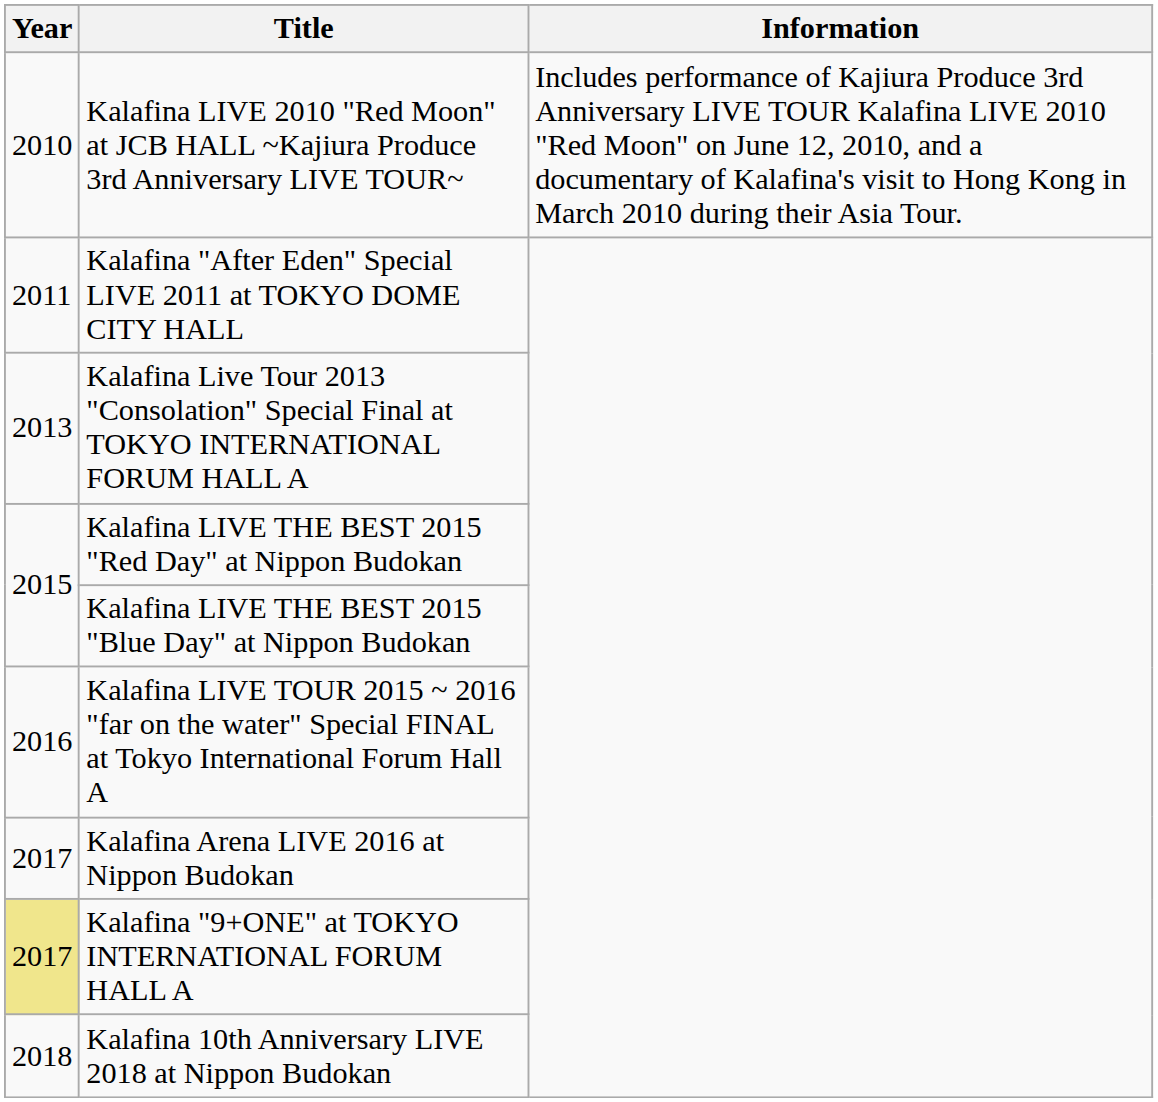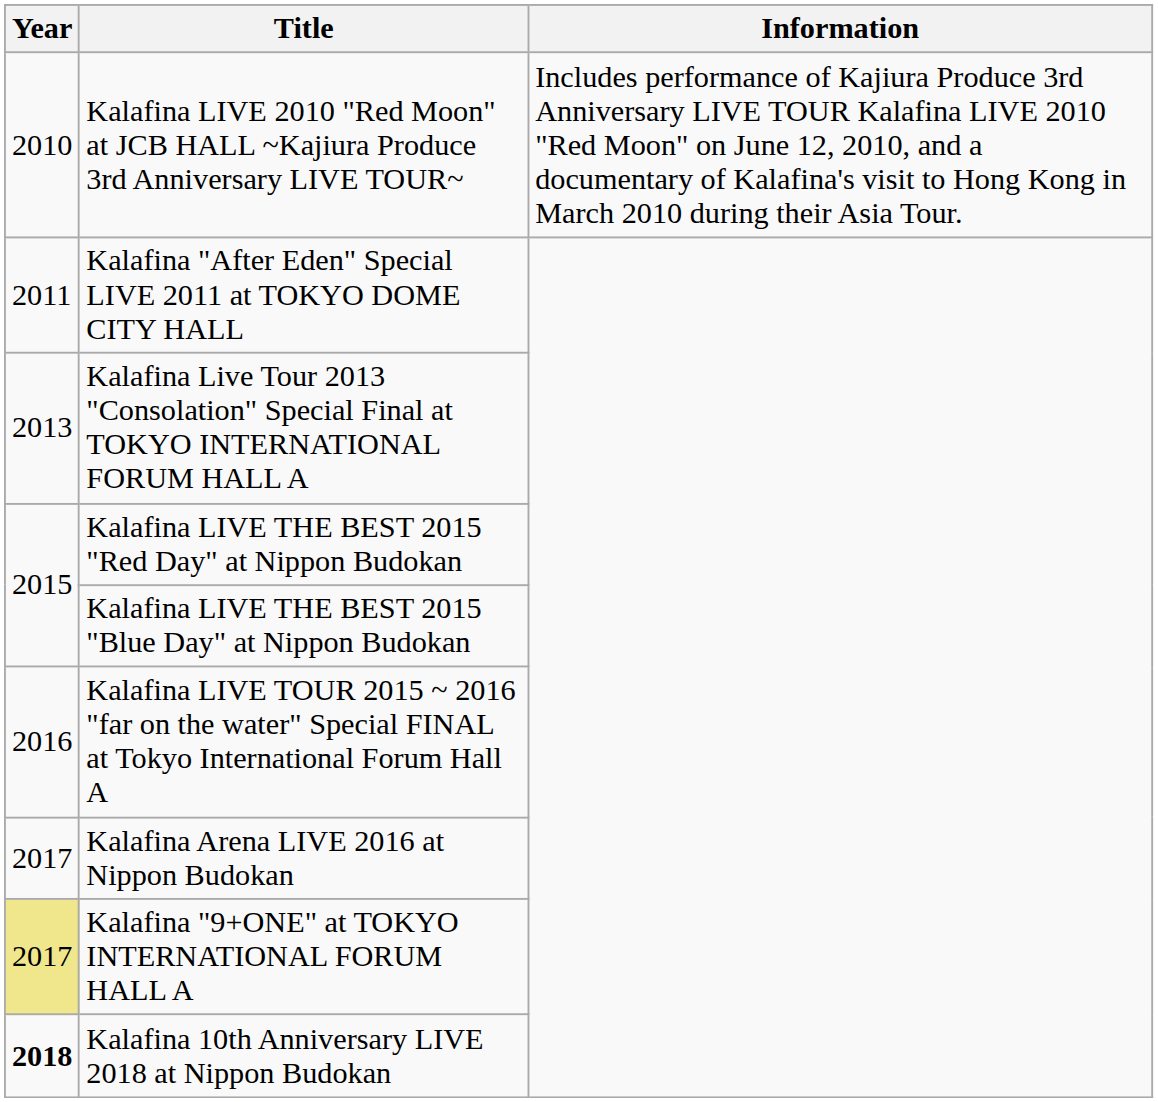 <table class="wikitable">
 <tr>
 <th>Year</th>
 <th>Title</th>
 <th>Information</th>
 </tr>
 <tr>
 <td>2010</td>
 <td>Kalafina LIVE 2010 "Red Moon" at JCB HALL ~Kajiura Produce 3rd Anniversary LIVE TOUR~</td>
 <td>Includes performance of Kajiura Produce 3rd Anniversary LIVE TOUR Kalafina LIVE 2010 "Red Moon" on June 12, 2010, and a documentary of Kalafina's visit to Hong Kong in March 2010 during their Asia Tour.</td>
 </tr>
 <tr>
 <td>2011</td>
 <td>Kalafina "After Eden" Special LIVE 2011 at TOKYO DOME CITY HALL</td>
 </tr>
 <tr>
 <td>2013</td>
 <td>Kalafina Live Tour 2013 "Consolation" Special Final at TOKYO INTERNATIONAL FORUM HALL A</td>
 </tr>
 <tr>
 <td rowspan="2">2015</td>
 <td>Kalafina LIVE THE BEST 2015 "Red Day" at Nippon Budokan</td>
 </tr>
 <tr>
 <td>Kalafina LIVE THE BEST 2015 "Blue Day" at Nippon Budokan</td>
 </tr>
 <tr>
 <td>2016</td>
 <td>Kalafina LIVE TOUR 2015 ~ 2016 "far on the water" Special FINAL at Tokyo International Forum Hall A</td>
 </tr>
 <tr>
 <td>2017</td>
 <td>Kalafina Arena LIVE 2016 at Nippon Budokan</td>
 </tr>
 <tr>
 <td style="background: khaki;">2017</td>
 <td>Kalafina "9+ONE" at TOKYO INTERNATIONAL FORUM HALL A</td>
 </tr>
 <tr>
-<td>2018</td>
+<td><strong>2018</strong></td>
 <td>Kalafina 10th Anniversary LIVE 2018 at Nippon Budokan</td>
 </tr>
 </table>
